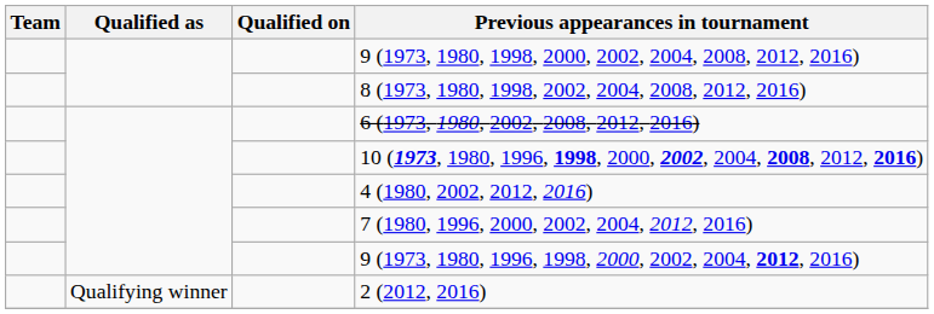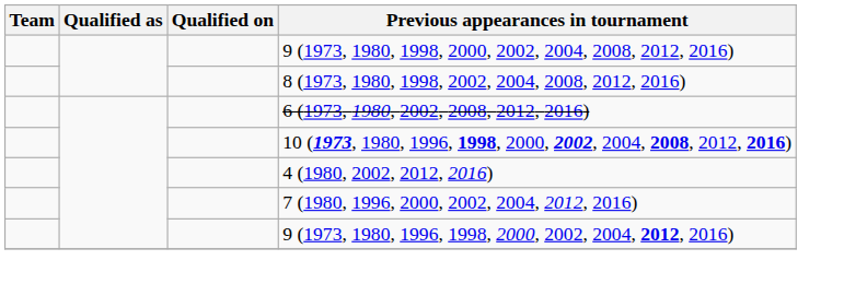 <table class="wikitable sortable">
 <tr>
 <th>Team</th>
 <th>Qualified as</th>
 <th>Qualified on</th>
 <th data-sort-type="number">Previous appearances in tournament</th>
 </tr>
 <tr>
 <td></td>
 <td rowspan="2"></td>
 <td></td>
 <td>9 (<a href='#'>1973</a>, <a href='#'>1980</a>, <a href='#'>1998</a>, <a href='#'>2000</a>, <a href='#'>2002</a>, <a href='#'>2004</a>, <a href='#'>2008</a>, <a href='#'>2012</a>, <a href='#'>2016</a>)</td>
 </tr>
 <tr>
 <td></td>
 <td></td>
 <td>8 (<a href='#'>1973</a>, <a href='#'>1980</a>, <a href='#'>1998</a>, <a href='#'>2002</a>, <a href='#'>2004</a>, <a href='#'>2008</a>, <a href='#'>2012</a>, <a href='#'>2016</a>)</td>
 </tr>
 <tr>
 <td><s></s></td>
 <td rowspan="5"></td>
 <td><s></s></td>
 <td><s>6 (<a href='#'>1973</a>, <em><a href='#'>1980</a></em>, <a href='#'>2002</a>, <a href='#'>2008</a>, <a href='#'>2012</a>, <a href='#'>2016</a>)</s></td>
 </tr>
 <tr>
 <td></td>
 <td></td>
 <td>10 (<strong><em><a href='#'>1973</a></em></strong>, <a href='#'>1980</a>, <a href='#'>1996</a>, <strong><a href='#'>1998</a></strong>, <a href='#'>2000</a>, <strong><em><a href='#'>2002</a></em></strong>, <a href='#'>2004</a>, <strong><a href='#'>2008</a></strong>, <a href='#'>2012</a>, <strong><a href='#'>2016</a></strong>)</td>
 </tr>
 <tr>
 <td></td>
 <td></td>
 <td>4 (<a href='#'>1980</a>, <a href='#'>2002</a>, <a href='#'>2012</a>, <em><a href='#'>2016</a></em>)</td>
 </tr>
 <tr>
 <td></td>
 <td></td>
 <td>7 (<a href='#'>1980</a>, <a href='#'>1996</a>, <a href='#'>2000</a>, <a href='#'>2002</a>, <a href='#'>2004</a>, <em><a href='#'>2012</a></em>, <a href='#'>2016</a>)</td>
 </tr>
 <tr>
 <td></td>
 <td></td>
 <td>9 (<a href='#'>1973</a>, <a href='#'>1980</a>, <a href='#'>1996</a>, <a href='#'>1998</a>, <em><a href='#'>2000</a></em>, <a href='#'>2002</a>, <a href='#'>2004</a>, <strong><a href='#'>2012</a></strong>, <a href='#'>2016</a>)</td>
 </tr>
 <tr>
-<td></td>
-<td>Qualifying  winner</td>
-<td></td>
-<td>2 (<a href='#'>2012</a>, <a href='#'>2016</a>)</td>
-</tr>
-<tr>
 </tr>
 </table>
